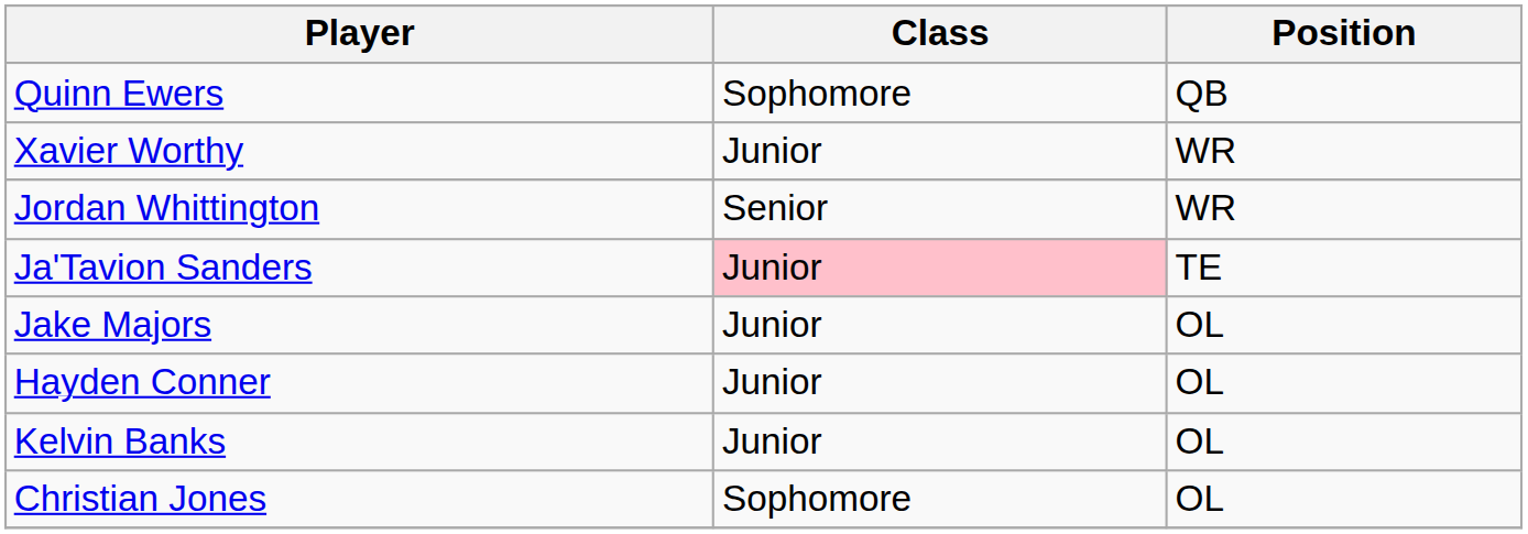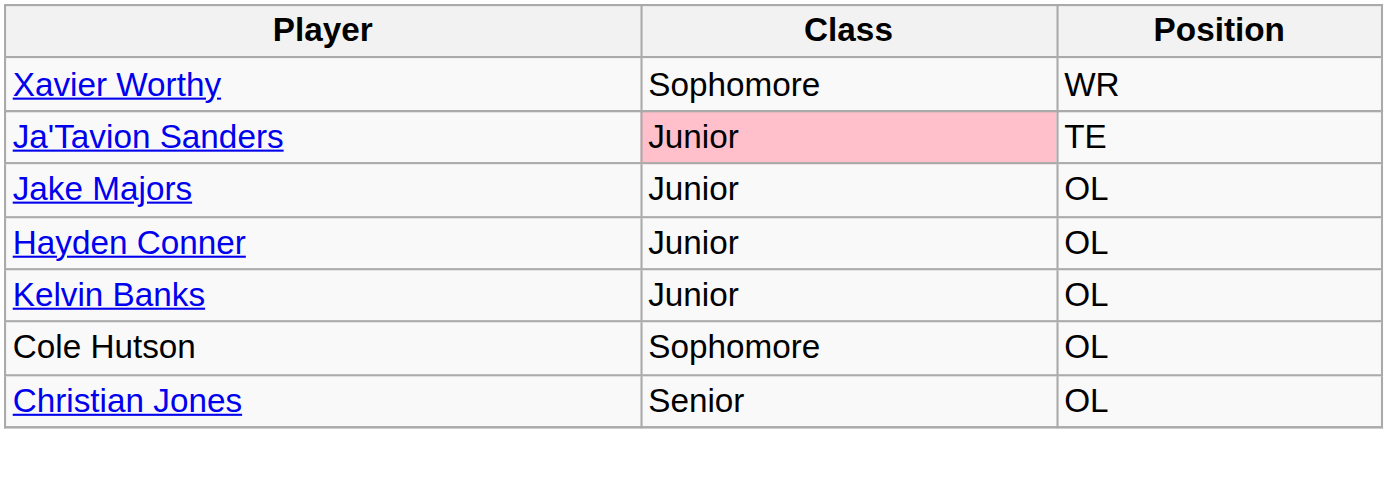 <table class="wikitable" style="width:75%;">
 <tr style="text-align:center; ">
 </tr>
 <tr>
 <th style="text-align:center; ">Player</th>
 <th style="text-align:center; ">Class</th>
 <th style="text-align:center; ">Position</th>
 </tr>
 <tr>
-<td><a href='#'>Quinn Ewers</a></td>
+<td><a href='#'>Xavier Worthy</a></td>
 <td>Sophomore</td>
-<td>QB</td>
-</tr>
-<tr>
-<td><a href='#'>Xavier Worthy</a></td>
-<td>Junior</td>
 <td>WR</td>
 </tr>
 <tr>
-</tr>
-<tr>
-<td><a href='#'>Jordan Whittington</a></td>
-<td>Senior</td>
-<td>WR</td>
 </tr>
 <tr>
 <td><a href='#'>Ja'Tavion Sanders</a></td>
 <td style="background: pink;">Junior</td>
 <td>TE</td>
 </tr>
 <tr>
 <td><a href='#'>Jake Majors</a></td>
 <td>Junior</td>
 <td>OL</td>
 </tr>
 <tr>
 <td><a href='#'>Hayden Conner</a></td>
 <td>Junior</td>
 <td>OL</td>
 </tr>
 <tr>
 <td><a href='#'>Kelvin Banks</a></td>
 <td>Junior</td>
 <td>OL</td>
 </tr>
 <tr>
+<td>Cole Hutson</td>
+<td>Sophomore</td>
+<td>OL</td>
+</tr>
+<tr>
 <td><a href='#'>Christian Jones</a></td>
-<td>Sophomore</td>
+<td>Senior</td>
 <td>OL</td>
 </tr>
 <tr>
 </tr>
 </table>
